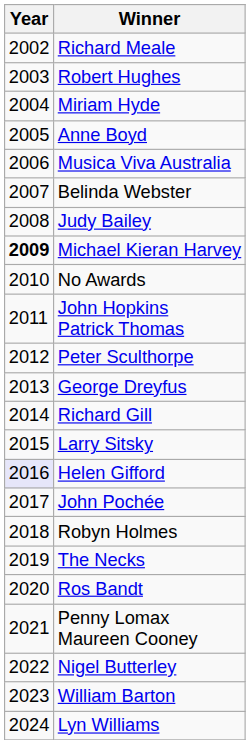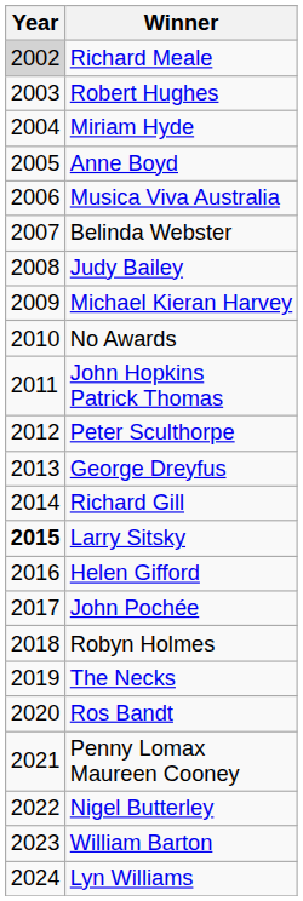 <table class="wikitable">
 <tr>
 <th>Year</th>
 <th>Winner</th>
 </tr>
 <tr>
-<td>2002</td>
+<td style="background: lightgrey;">2002</td>
 <td><a href='#'>Richard Meale</a></td>
 </tr>
 <tr>
 <td>2003</td>
 <td><a href='#'>Robert Hughes</a></td>
 </tr>
 <tr>
 <td>2004</td>
 <td><a href='#'>Miriam Hyde</a></td>
 </tr>
 <tr>
 <td>2005</td>
 <td><a href='#'>Anne Boyd</a></td>
 </tr>
 <tr>
 <td>2006</td>
 <td><a href='#'>Musica Viva Australia</a></td>
 </tr>
 <tr>
 <td>2007</td>
 <td>Belinda Webster</td>
 </tr>
 <tr>
 <td>2008</td>
 <td><a href='#'>Judy Bailey</a></td>
 </tr>
 <tr>
-<td><strong>2009</strong></td>
+<td>2009</td>
 <td><a href='#'>Michael Kieran Harvey</a></td>
 </tr>
 <tr>
 <td 2010>2010</td>
 <td>No Awards</td>
 </tr>
 <tr>
 <td>2011</td>
 <td><a href='#'>John Hopkins</a><br><a href='#'>Patrick Thomas</a></td>
 </tr>
 <tr>
 <td>2012</td>
 <td><a href='#'>Peter Sculthorpe</a></td>
 </tr>
 <tr>
 <td>2013</td>
 <td><a href='#'>George Dreyfus</a></td>
 </tr>
 <tr>
 <td>2014</td>
 <td><a href='#'>Richard Gill</a></td>
 </tr>
 <tr>
-<td>2015</td>
+<td><strong>2015</strong></td>
 <td><a href='#'>Larry Sitsky</a></td>
 </tr>
 <tr>
-<td style="background: lavender;">2016</td>
+<td>2016</td>
 <td><a href='#'>Helen Gifford</a></td>
 </tr>
 <tr>
 <td>2017</td>
 <td><a href='#'>John Pochée</a></td>
 </tr>
 <tr>
 <td>2018</td>
 <td>Robyn Holmes</td>
 </tr>
 <tr>
 <td>2019</td>
 <td><a href='#'>The Necks</a></td>
 </tr>
 <tr>
 <td>2020</td>
 <td><a href='#'>Ros Bandt</a></td>
 </tr>
 <tr>
 <td>2021</td>
 <td>Penny Lomax<br>Maureen Cooney</td>
 </tr>
 <tr>
 <td>2022</td>
 <td><a href='#'>Nigel Butterley</a></td>
 </tr>
 <tr>
 <td>2023</td>
 <td><a href='#'>William Barton</a></td>
 </tr>
 <tr>
 <td>2024</td>
 <td><a href='#'>Lyn Williams</a></td>
 </tr>
 </table>
